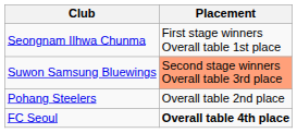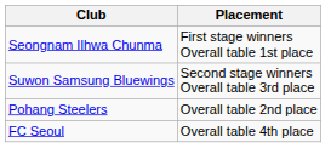 <table class="wikitable">
 <tr>
 <th>Club</th>
 <th>Placement</th>
 </tr>
 <tr>
 <td><a href='#'>Seongnam Ilhwa Chunma</a></td>
 <td>First stage winners<br>Overall table 1st place</td>
 </tr>
 <tr>
 <td><a href='#'>Suwon Samsung Bluewings</a></td>
-<td style="background: lightsalmon;">Second stage winners<br>Overall table 3rd place</td>
+<td>Second stage winners<br>Overall table 3rd place</td>
 </tr>
 <tr>
 <td><a href='#'>Pohang Steelers</a></td>
 <td>Overall table 2nd place</td>
 </tr>
 <tr>
 <td><a href='#'>FC Seoul</a></td>
-<td><strong>Overall table 4th place</strong></td>
+<td>Overall table 4th place</td>
 </tr>
 </table>
